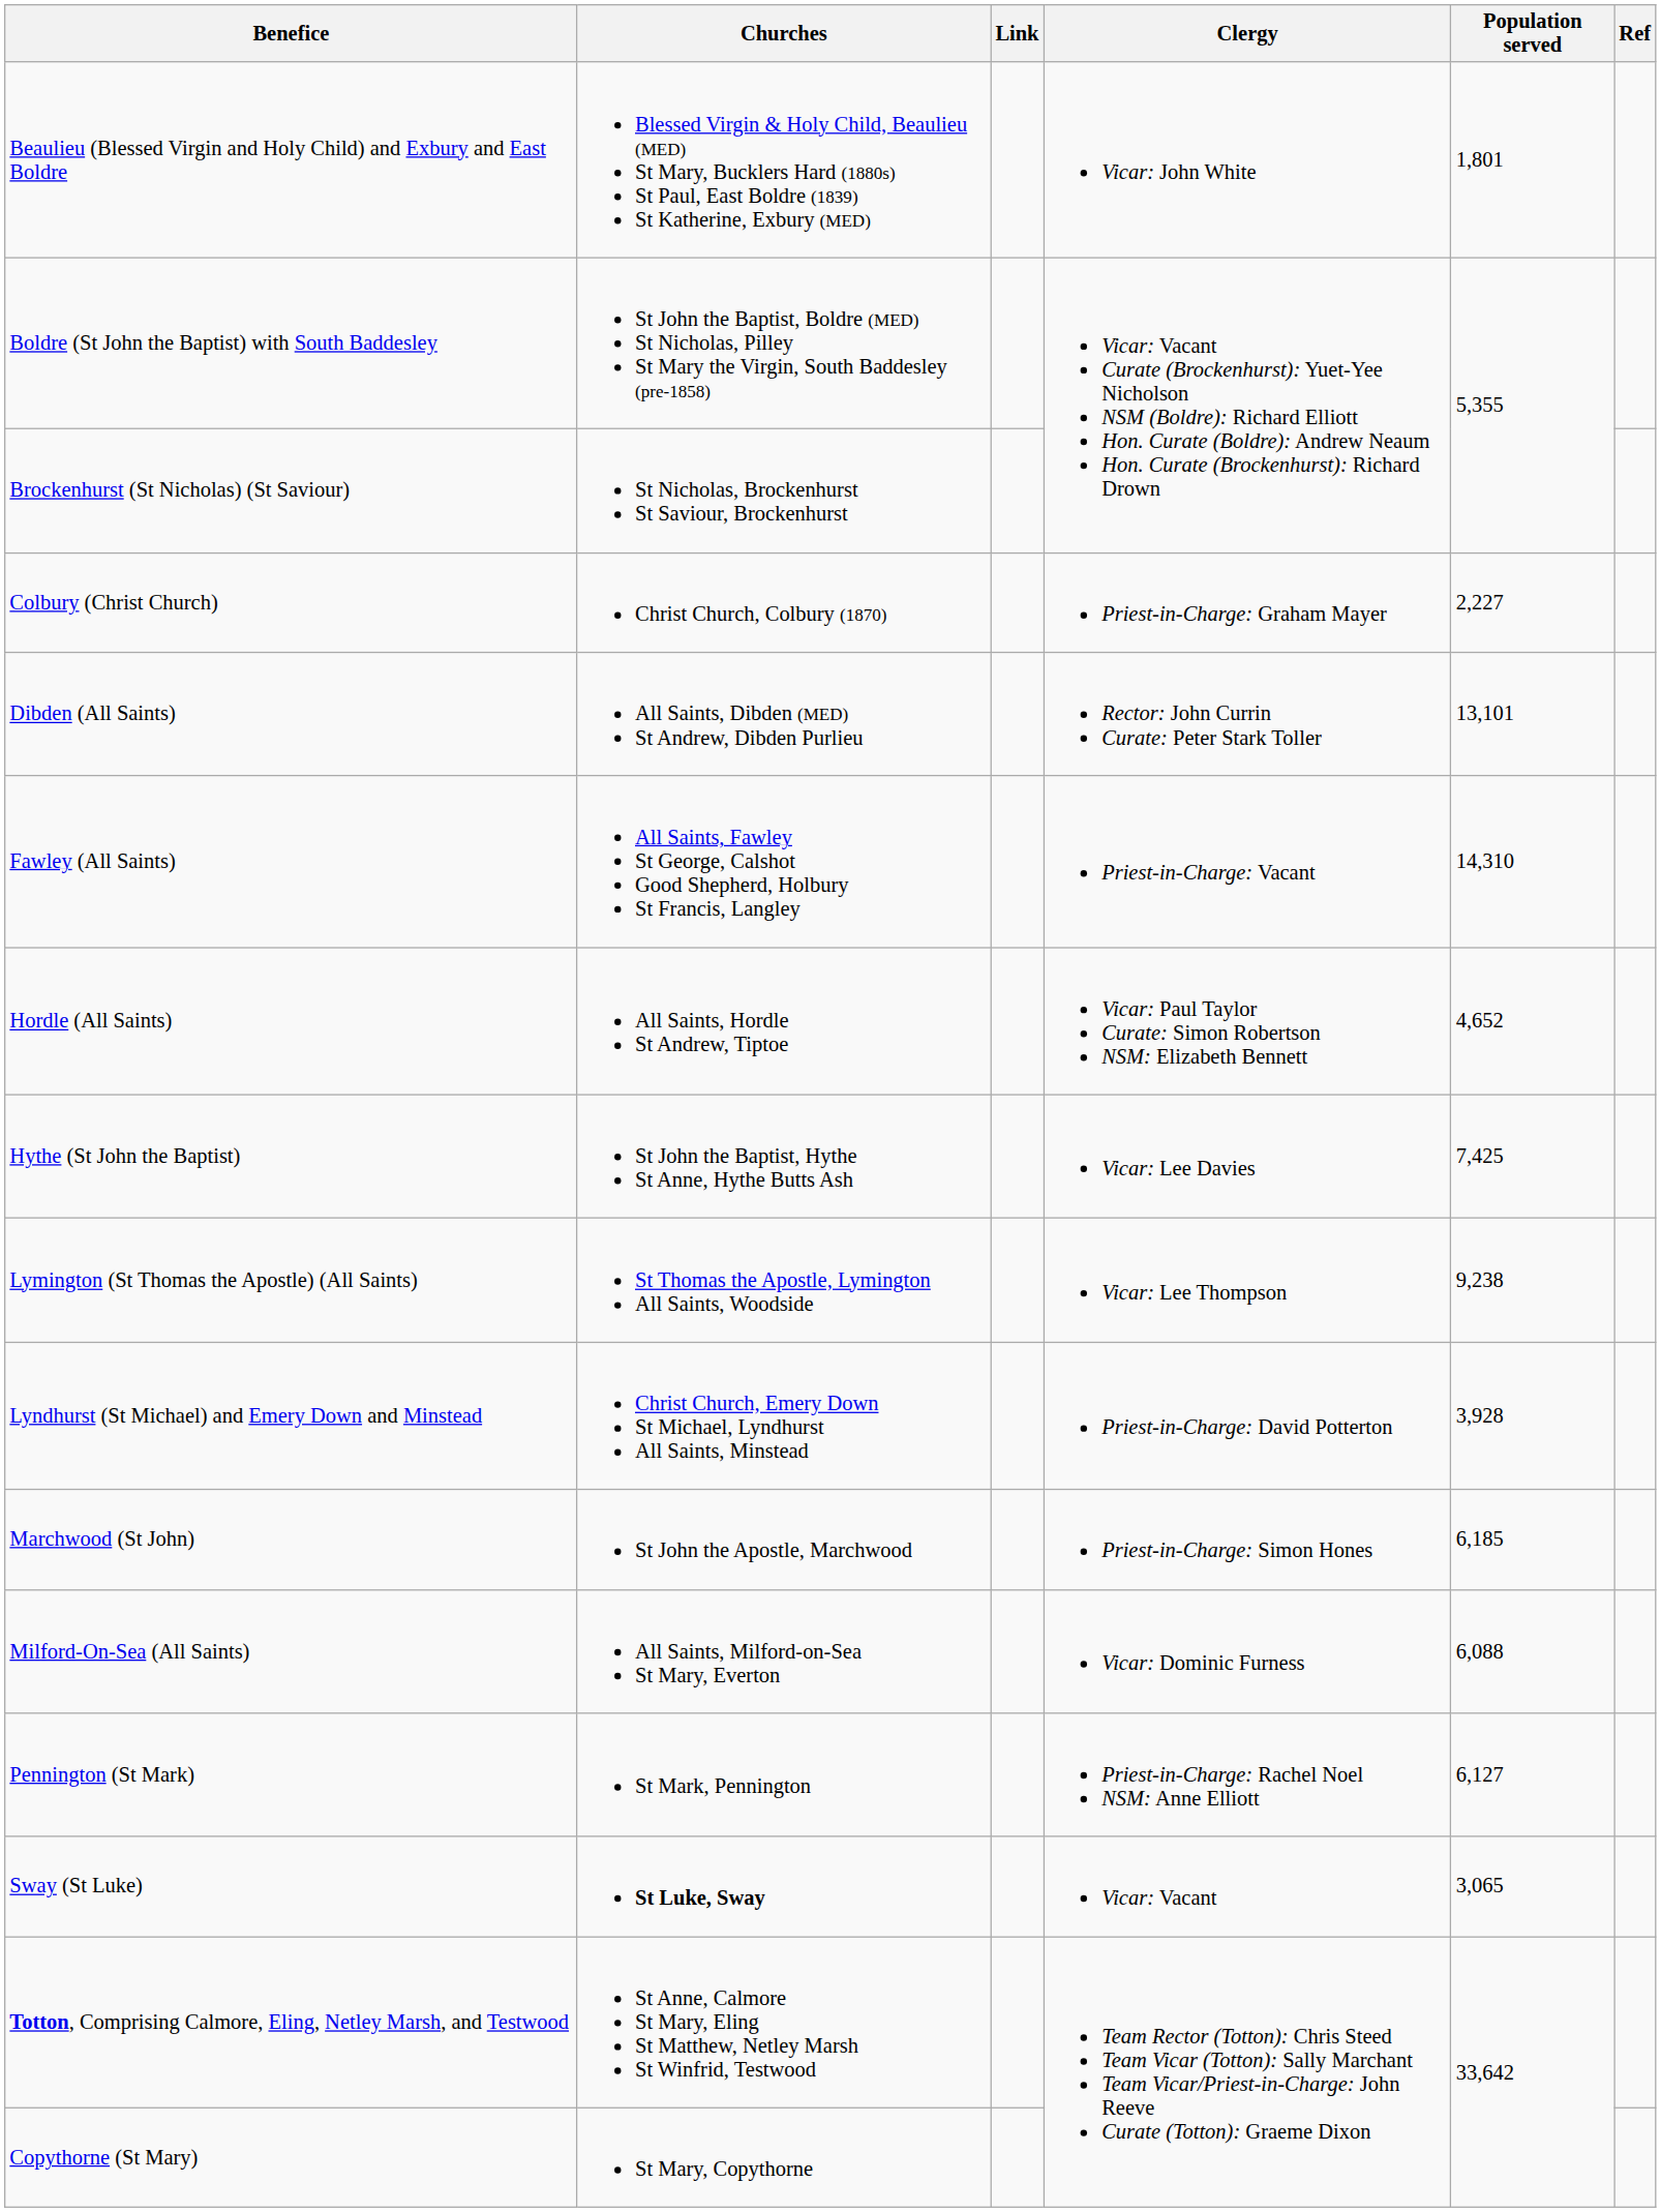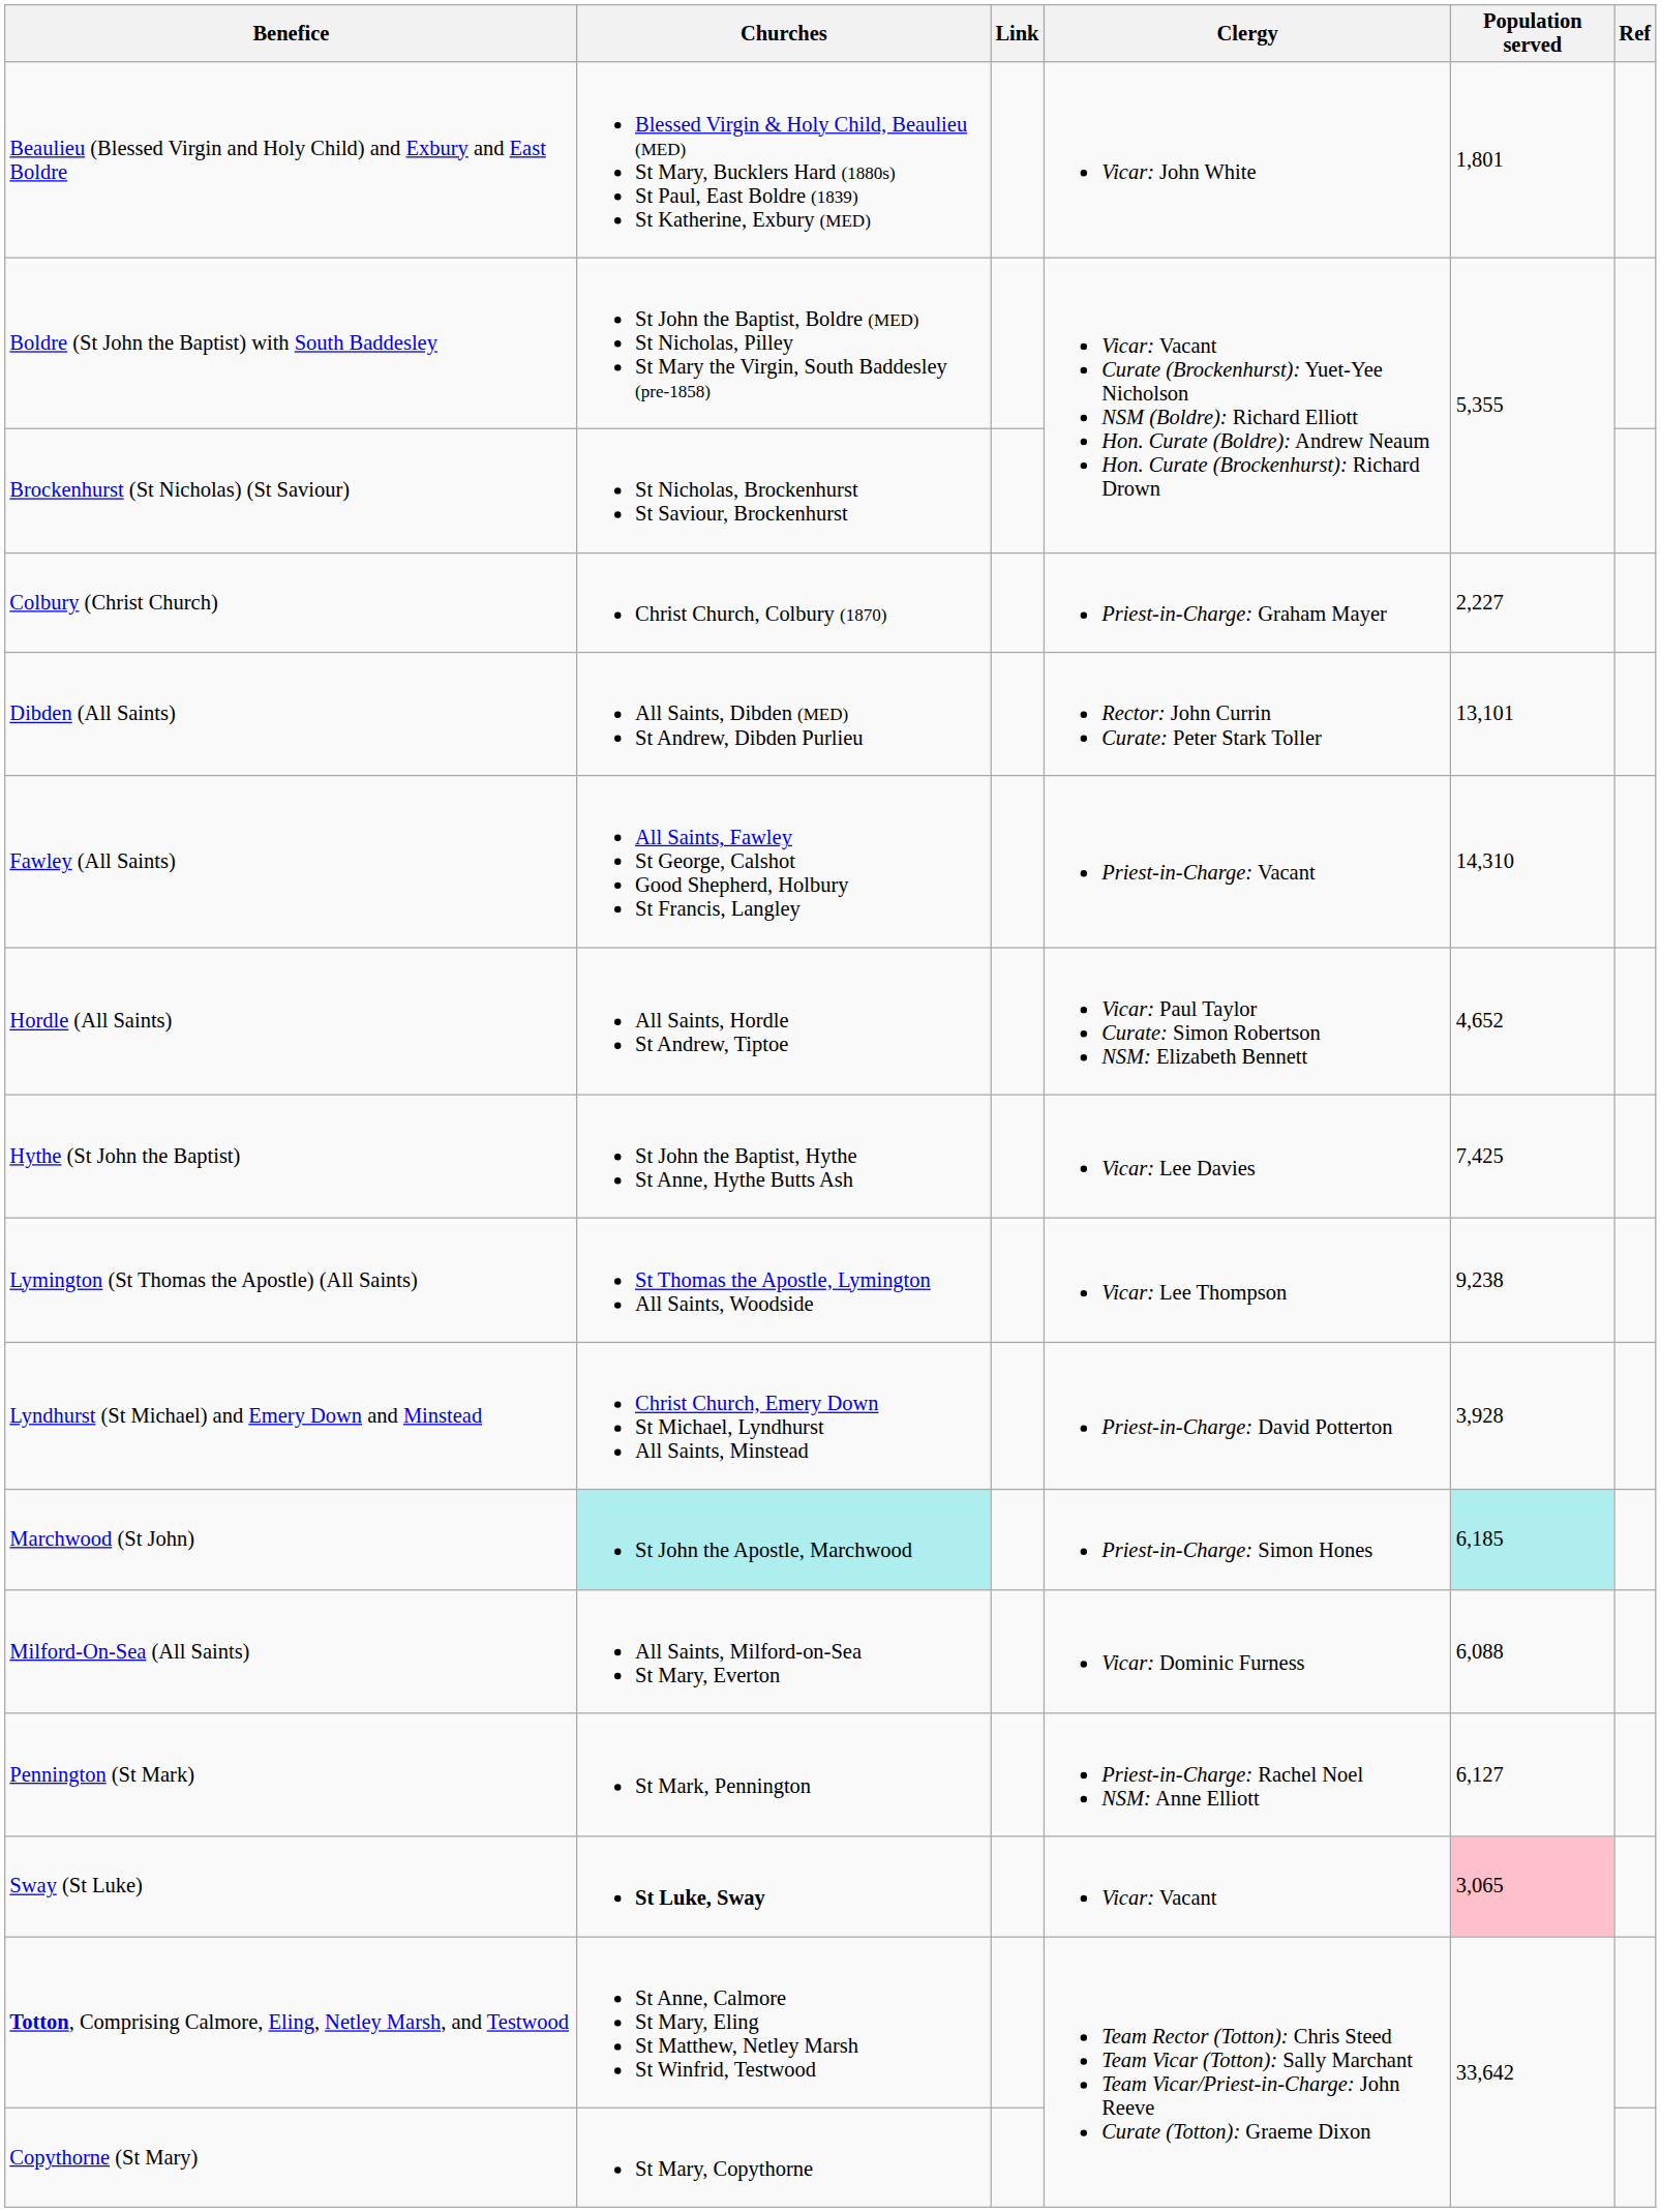 <table class="wikitable">
 <tr>
 <th style="width:425px;">Benefice</th>
 <th>Churches</th>
 <th>Link</th>
 <th>Clergy</th>
 <th>Population served</th>
 <th>Ref</th>
 </tr>
 <tr>
 <td><a href='#'>Beaulieu</a> (Blessed Virgin and Holy Child) and <a href='#'>Exbury</a> and <a href='#'>East Boldre</a></td>
 <td><br><ul><li><a href='#'>Blessed Virgin & Holy Child, Beaulieu</a> <small>(MED)</small></li><li>St Mary, Bucklers Hard <small>(1880s)</small></li><li>St Paul, East Boldre <small>(1839)</small></li><li>St Katherine, Exbury <small>(MED)</small></li></ul></td>
 <td></td>
 <td><br><ul><li><em>Vicar:</em> John White</li></ul></td>
 <td>1,801</td>
 <td></td>
 </tr>
 <tr>
 <td><a href='#'>Boldre</a> (St John the Baptist) with <a href='#'>South Baddesley</a></td>
 <td><br><ul><li>St John the Baptist, Boldre <small>(MED)</small></li><li>St Nicholas, Pilley</li><li>St Mary the Virgin, South Baddesley <small>(pre-1858)</small></li></ul></td>
 <td></td>
 <td rowspan="2"><br><ul><li><em>Vicar:</em> Vacant</li><li><em>Curate (Brockenhurst):</em> Yuet-Yee Nicholson</li><li><em>NSM (Boldre):</em> Richard Elliott</li><li><em>Hon. Curate (Boldre):</em> Andrew Neaum</li><li><em>Hon. Curate (Brockenhurst):</em> Richard Drown</li></ul></td>
 <td rowspan="2">5,355</td>
 <td></td>
 </tr>
 <tr>
 <td><a href='#'>Brockenhurst</a> (St Nicholas) (St Saviour)</td>
 <td><br><ul><li>St Nicholas, Brockenhurst</li><li>St Saviour, Brockenhurst</li></ul></td>
 <td></td>
 <td></td>
 </tr>
 <tr>
 <td><a href='#'>Colbury</a> (Christ Church)</td>
 <td><br><ul><li>Christ Church, Colbury <small>(1870)</small></li></ul></td>
 <td></td>
 <td><br><ul><li><em>Priest-in-Charge:</em> Graham Mayer</li></ul></td>
 <td>2,227</td>
 <td></td>
 </tr>
 <tr>
 <td><a href='#'>Dibden</a> (All Saints)</td>
 <td><br><ul><li>All Saints, Dibden <small>(MED)</small></li><li>St Andrew, Dibden Purlieu</li></ul></td>
 <td></td>
 <td><br><ul><li><em>Rector:</em> John Currin</li><li><em>Curate:</em> Peter Stark Toller</li></ul></td>
 <td>13,101</td>
 <td></td>
 </tr>
 <tr>
 <td><a href='#'>Fawley</a> (All Saints)</td>
 <td><br><ul><li><a href='#'>All Saints, Fawley</a></li><li>St George, Calshot</li><li>Good Shepherd, Holbury</li><li>St Francis, Langley</li></ul></td>
 <td></td>
 <td><br><ul><li><em>Priest-in-Charge:</em> Vacant</li></ul></td>
 <td>14,310</td>
 <td></td>
 </tr>
 <tr>
 <td><a href='#'>Hordle</a> (All Saints)</td>
 <td><br><ul><li>All Saints, Hordle</li><li>St Andrew, Tiptoe</li></ul></td>
 <td></td>
 <td><br><ul><li><em>Vicar:</em> Paul Taylor</li><li><em>Curate:</em> Simon Robertson</li><li><em>NSM:</em> Elizabeth Bennett</li></ul></td>
 <td>4,652</td>
 <td></td>
 </tr>
 <tr>
 <td><a href='#'>Hythe</a> (St John the Baptist)</td>
 <td><br><ul><li>St John the Baptist, Hythe</li><li>St Anne, Hythe Butts Ash</li></ul></td>
 <td></td>
 <td><br><ul><li><em>Vicar:</em> Lee Davies</li></ul></td>
 <td>7,425</td>
 <td></td>
 </tr>
 <tr>
 <td><a href='#'>Lymington</a> (St Thomas the Apostle) (All Saints)</td>
 <td><br><ul><li><a href='#'>St Thomas the Apostle, Lymington</a></li><li>All Saints, Woodside</li></ul></td>
 <td></td>
 <td><br><ul><li><em>Vicar:</em> Lee Thompson</li></ul></td>
 <td>9,238</td>
 <td></td>
 </tr>
 <tr>
 <td><a href='#'>Lyndhurst</a> (St Michael) and <a href='#'>Emery Down</a> and <a href='#'>Minstead</a></td>
 <td><br><ul><li><a href='#'>Christ Church, Emery Down</a></li><li>St Michael, Lyndhurst</li><li>All Saints, Minstead</li></ul></td>
 <td></td>
 <td><br><ul><li><em>Priest-in-Charge:</em> David Potterton</li></ul></td>
 <td>3,928</td>
 <td></td>
 </tr>
 <tr>
 <td><a href='#'>Marchwood</a> (St John)</td>
-<td><br><ul><li>St John the Apostle, Marchwood</li></ul></td>
+<td style="background: paleturquoise;"><br><ul><li>St John the Apostle, Marchwood</li></ul></td>
 <td></td>
 <td><br><ul><li><em>Priest-in-Charge:</em> Simon Hones</li></ul></td>
-<td>6,185</td>
+<td style="background: paleturquoise;">6,185</td>
 <td></td>
 </tr>
 <tr>
 <td><a href='#'>Milford-On-Sea</a> (All Saints)</td>
 <td><br><ul><li>All Saints, Milford-on-Sea</li><li>St Mary, Everton</li></ul></td>
 <td></td>
 <td><br><ul><li><em>Vicar:</em> Dominic Furness</li></ul></td>
 <td>6,088</td>
 <td></td>
 </tr>
 <tr>
 <td><a href='#'>Pennington</a> (St Mark)</td>
 <td><br><ul><li>St Mark, Pennington</li></ul></td>
 <td></td>
 <td><br><ul><li><em>Priest-in-Charge:</em> Rachel Noel</li><li><em>NSM:</em> Anne Elliott</li></ul></td>
 <td>6,127</td>
 <td></td>
 </tr>
 <tr>
 <td><a href='#'>Sway</a> (St Luke)</td>
 <td><strong><br><ul><li>St Luke, Sway</li></ul></strong></td>
 <td></td>
 <td><br><ul><li><em>Vicar:</em> Vacant</li></ul></td>
-<td>3,065</td>
+<td style="background: pink;">3,065</td>
 <td></td>
 </tr>
 <tr>
 <td><strong><a href='#'>Totton</a></strong>, Comprising Calmore, <a href='#'>Eling</a>, <a href='#'>Netley Marsh</a>, and <a href='#'>Testwood</a></td>
 <td><br><ul><li>St Anne, Calmore </li><li>St Mary, Eling </li><li>St Matthew, Netley Marsh</li><li>St Winfrid, Testwood </li></ul></td>
 <td></td>
 <td rowspan="2"><br><ul><li><em>Team Rector (Totton):</em> Chris Steed</li><li><em>Team Vicar (Totton):</em> Sally Marchant</li><li><em>Team Vicar/Priest-in-Charge:</em> John Reeve</li><li><em>Curate (Totton):</em> Graeme Dixon</li></ul></td>
 <td rowspan="2">33,642</td>
 <td></td>
 </tr>
 <tr>
 <td><a href='#'>Copythorne</a> (St Mary)</td>
 <td><br><ul><li>St Mary, Copythorne</li></ul></td>
 <td></td>
 <td></td>
 </tr>
 </table>
